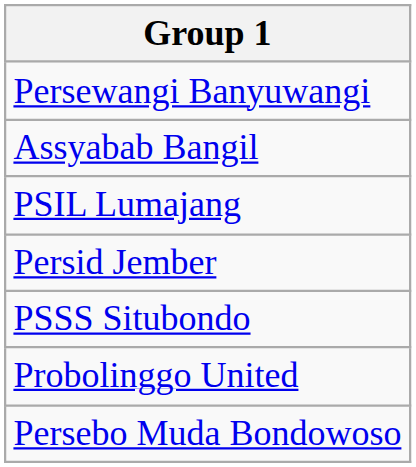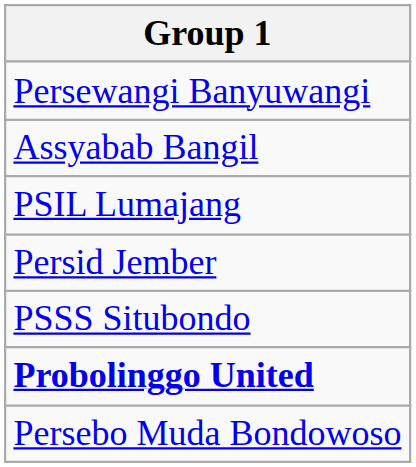 <table class="wikitable">
 <tr>
 <th><strong>Group 1</strong></th>
 </tr>
 <tr>
 <td><a href='#'>Persewangi Banyuwangi</a></td>
 </tr>
 <tr>
 <td><a href='#'>Assyabab Bangil</a></td>
 </tr>
 <tr>
 <td><a href='#'>PSIL Lumajang</a></td>
 </tr>
 <tr>
 <td><a href='#'>Persid Jember</a></td>
 </tr>
 <tr>
 <td><a href='#'>PSSS Situbondo</a></td>
 </tr>
 <tr>
-<td><a href='#'>Probolinggo United</a></td>
+<td><strong><a href='#'>Probolinggo United</a></strong></td>
 </tr>
 <tr>
 <td><a href='#'>Persebo Muda Bondowoso</a></td>
 </tr>
 </table>
